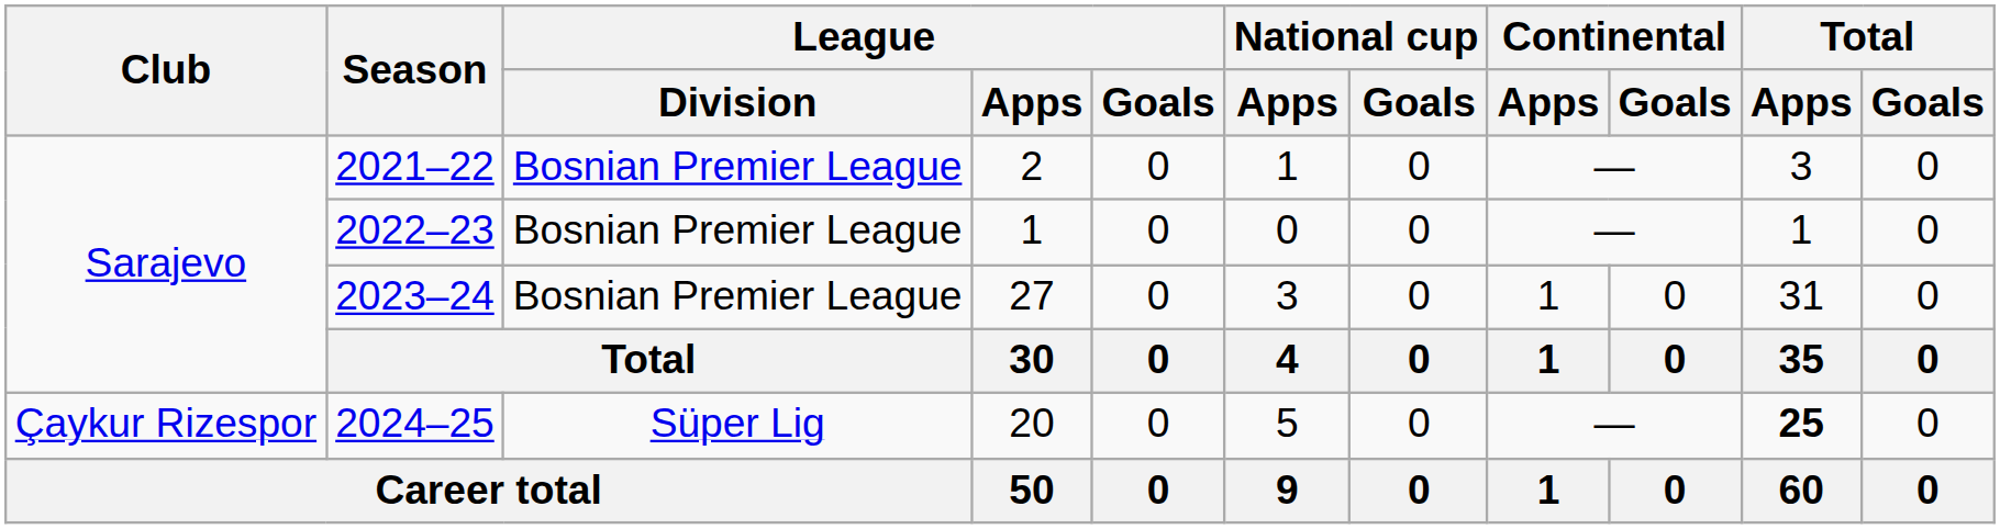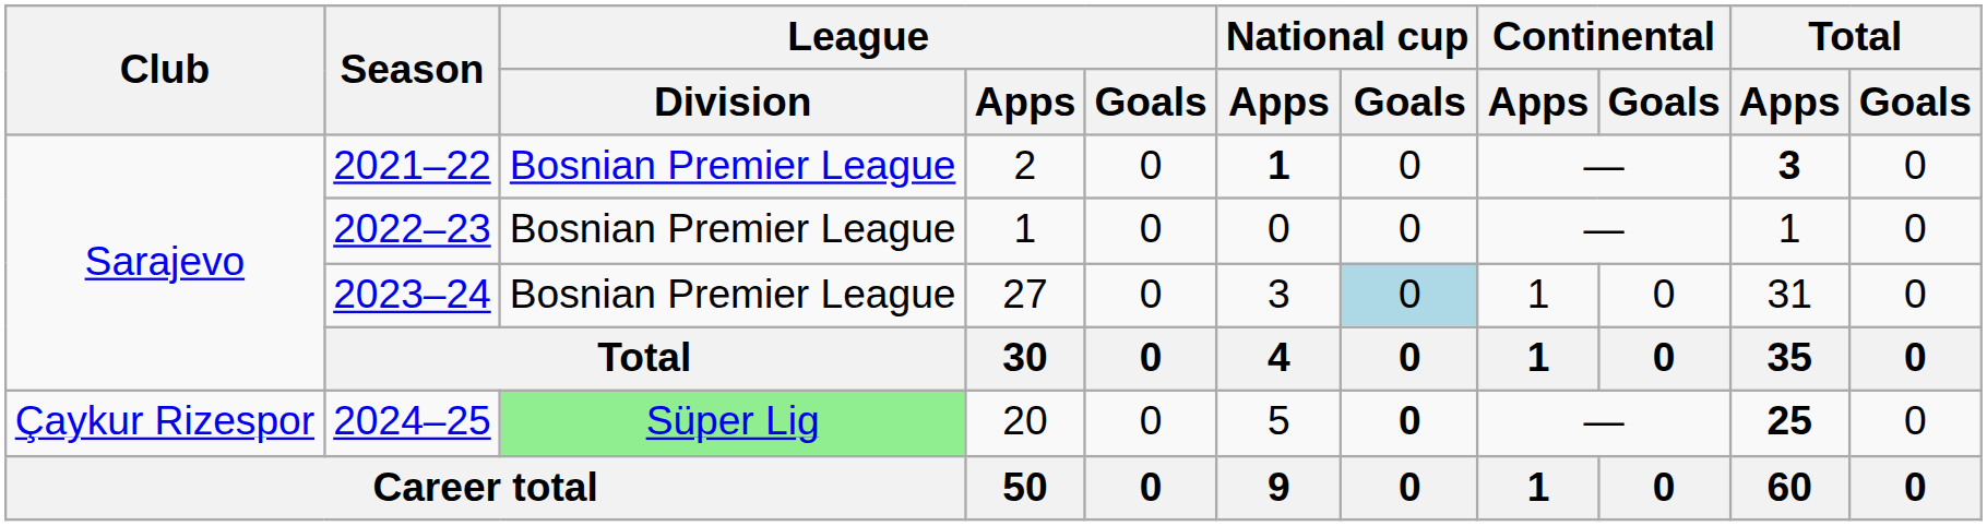 <table class="wikitable" style="text-align:center">
 <tr>
 <th rowspan=2>Club</th>
 <th rowspan=2>Season</th>
 <th colspan=3>League</th>
 <th colspan=2>National cup</th>
 <th colspan=2>Continental</th>
 <th colspan=2>Total</th>
 </tr>
 <tr>
 <th>Division</th>
 <th>Apps</th>
 <th>Goals</th>
 <th>Apps</th>
 <th>Goals</th>
 <th>Apps</th>
 <th>Goals</th>
 <th>Apps</th>
 <th>Goals</th>
 </tr>
 <tr>
 <td rowspan=4><a href='#'>Sarajevo</a></td>
 <td><a href='#'>2021–22</a></td>
 <td><a href='#'>Bosnian Premier League</a></td>
 <td>2</td>
 <td>0</td>
-<td>1</td>
+<td><strong>1</strong></td>
 <td>0</td>
 <td colspan=2>—</td>
-<td>3</td>
+<td><strong>3</strong></td>
 <td>0</td>
 </tr>
 <tr>
 <td><a href='#'>2022–23</a></td>
 <td>Bosnian Premier League</td>
 <td>1</td>
 <td>0</td>
 <td>0</td>
 <td>0</td>
 <td colspan=2>—</td>
 <td>1</td>
 <td>0</td>
 </tr>
 <tr>
 <td><a href='#'>2023–24</a></td>
 <td>Bosnian Premier League</td>
 <td>27</td>
 <td>0</td>
 <td>3</td>
-<td>0</td>
+<td style="background: lightblue;">0</td>
 <td>1</td>
 <td>0</td>
 <td>31</td>
 <td>0</td>
 </tr>
 <tr>
 <th colspan=2>Total</th>
 <th>30</th>
 <th>0</th>
 <th>4</th>
 <th>0</th>
 <th>1</th>
 <th>0</th>
 <th>35</th>
 <th>0</th>
 </tr>
 <tr>
 <td><a href='#'>Çaykur Rizespor</a></td>
 <td><a href='#'>2024–25</a></td>
-<td><a href='#'>Süper Lig</a></td>
+<td style="background: lightgreen;"><a href='#'>Süper Lig</a></td>
 <td>20</td>
 <td>0</td>
 <td>5</td>
-<td>0</td>
+<td><strong>0</strong></td>
 <td colspan=2>—</td>
 <td><strong>25</strong></td>
 <td>0</td>
 </tr>
 <tr>
 <th colspan=3>Career total</th>
 <th>50</th>
 <th>0</th>
 <th>9</th>
 <th>0</th>
 <th>1</th>
 <th>0</th>
 <th>60</th>
 <th>0</th>
 </tr>
 </table>
